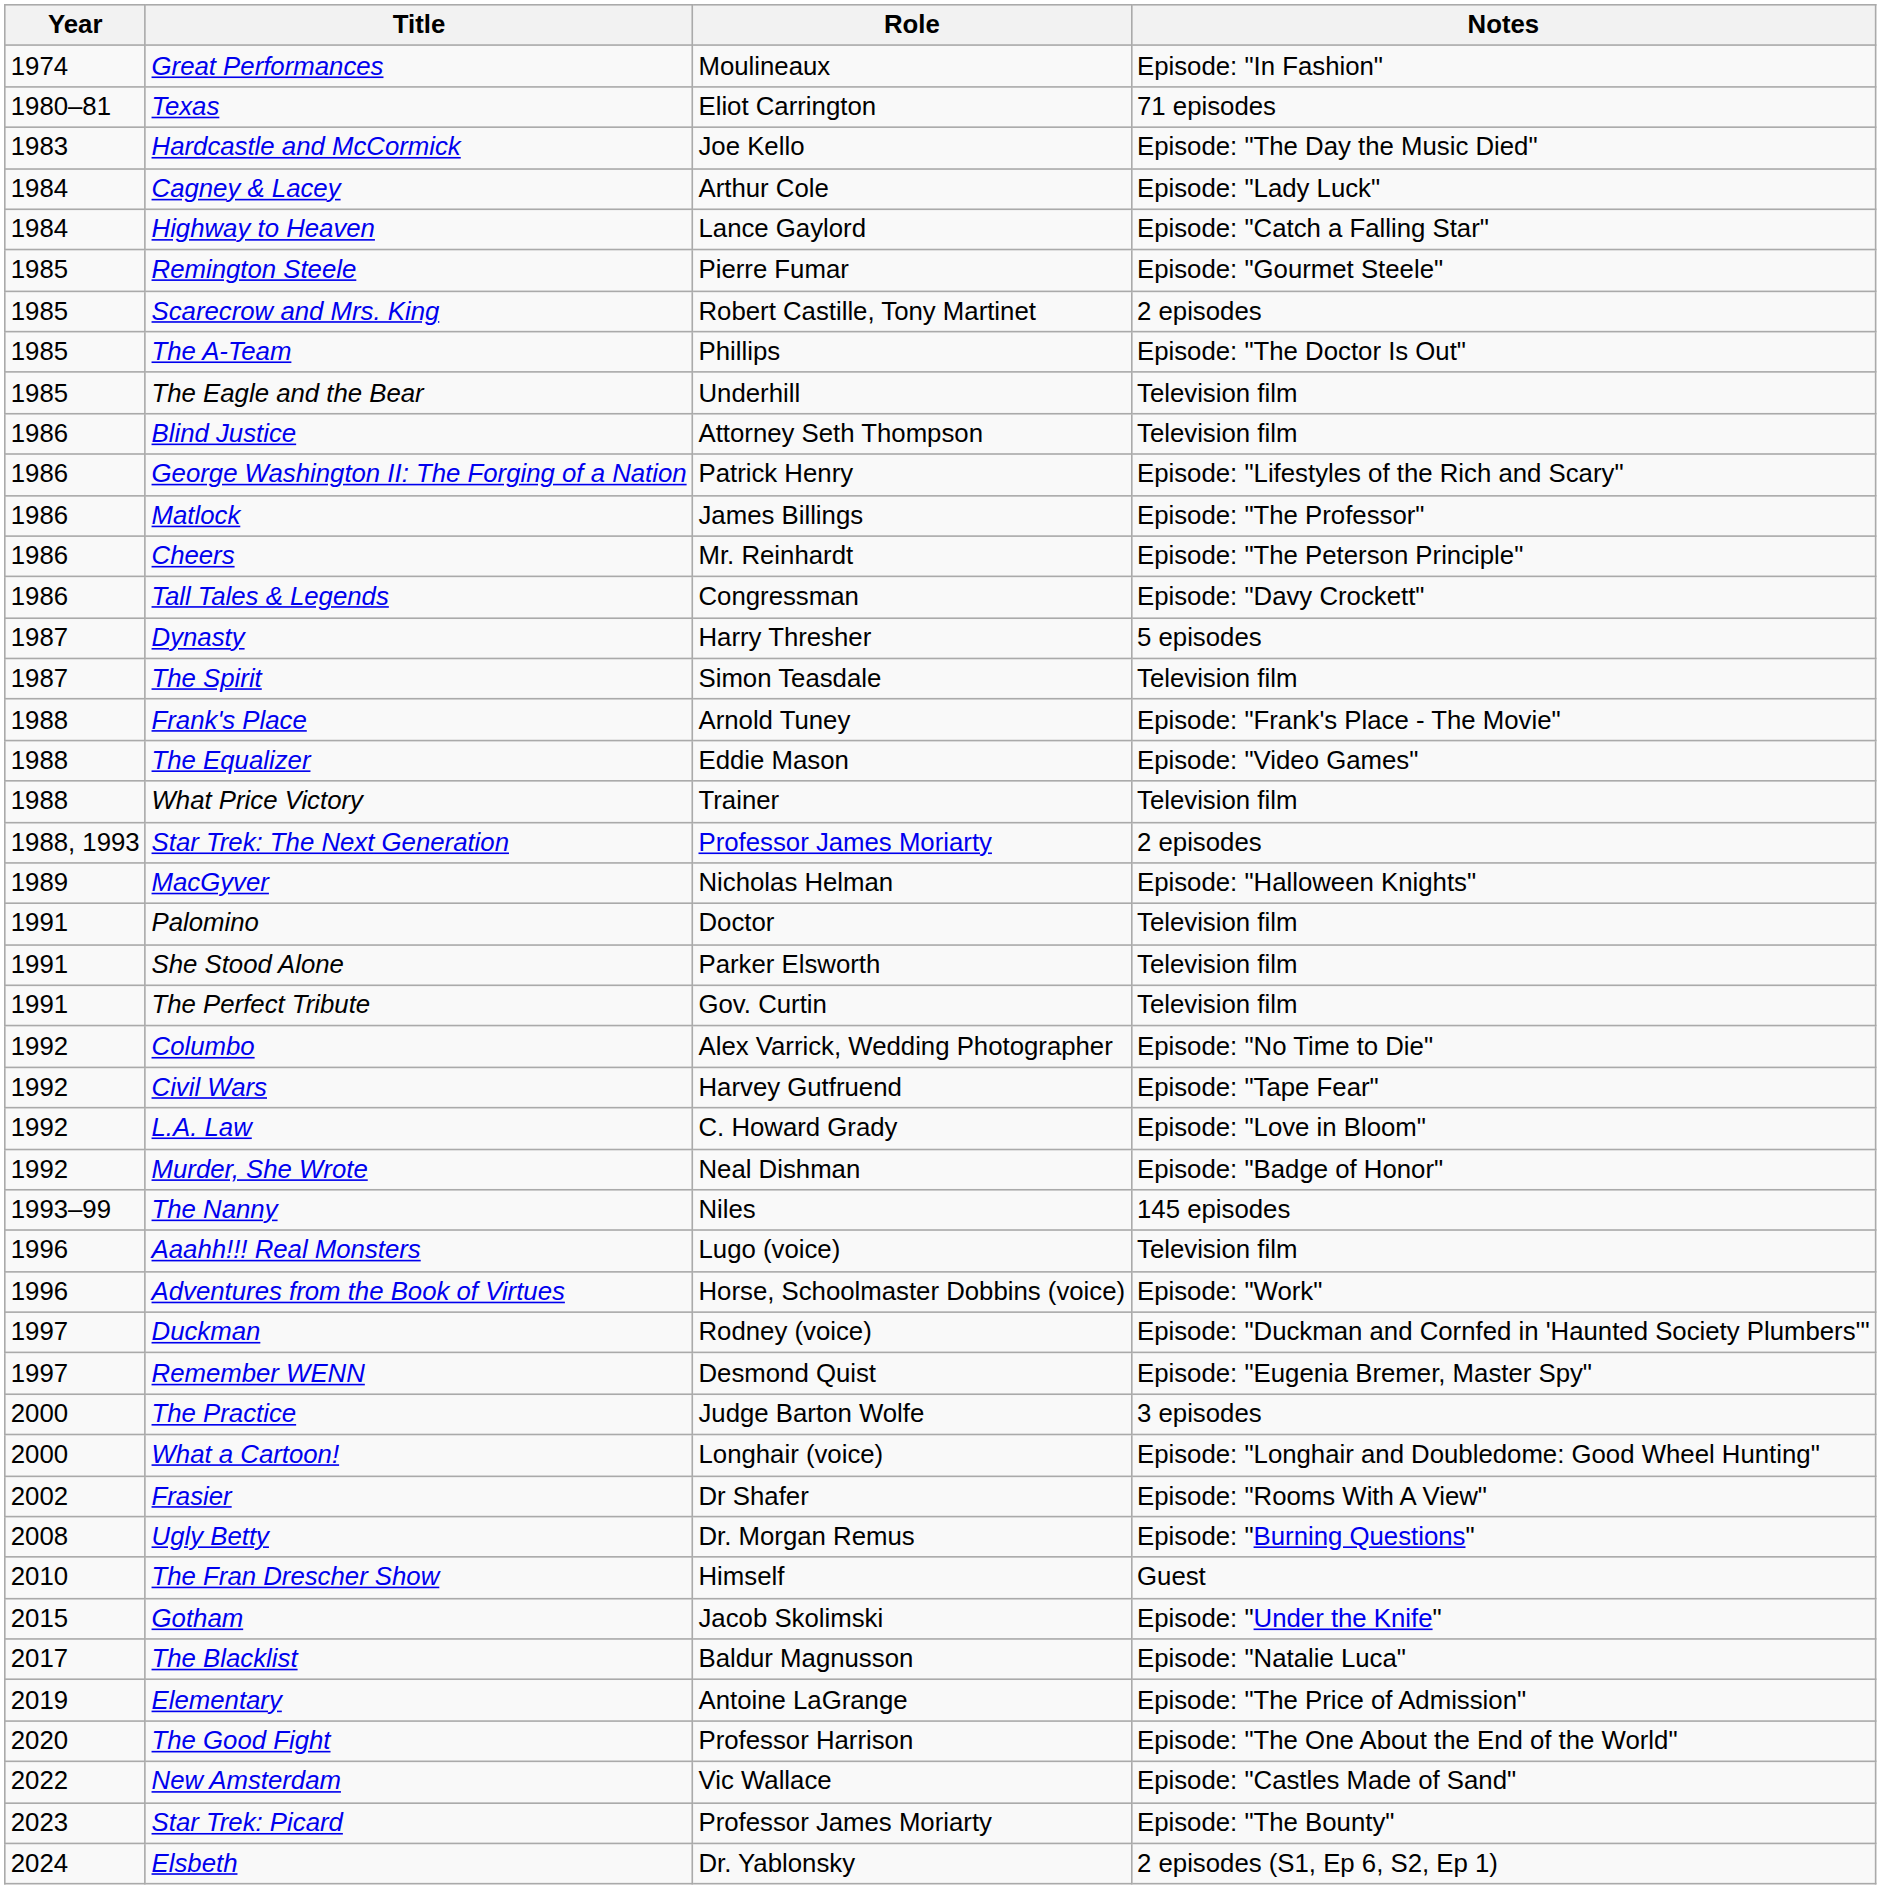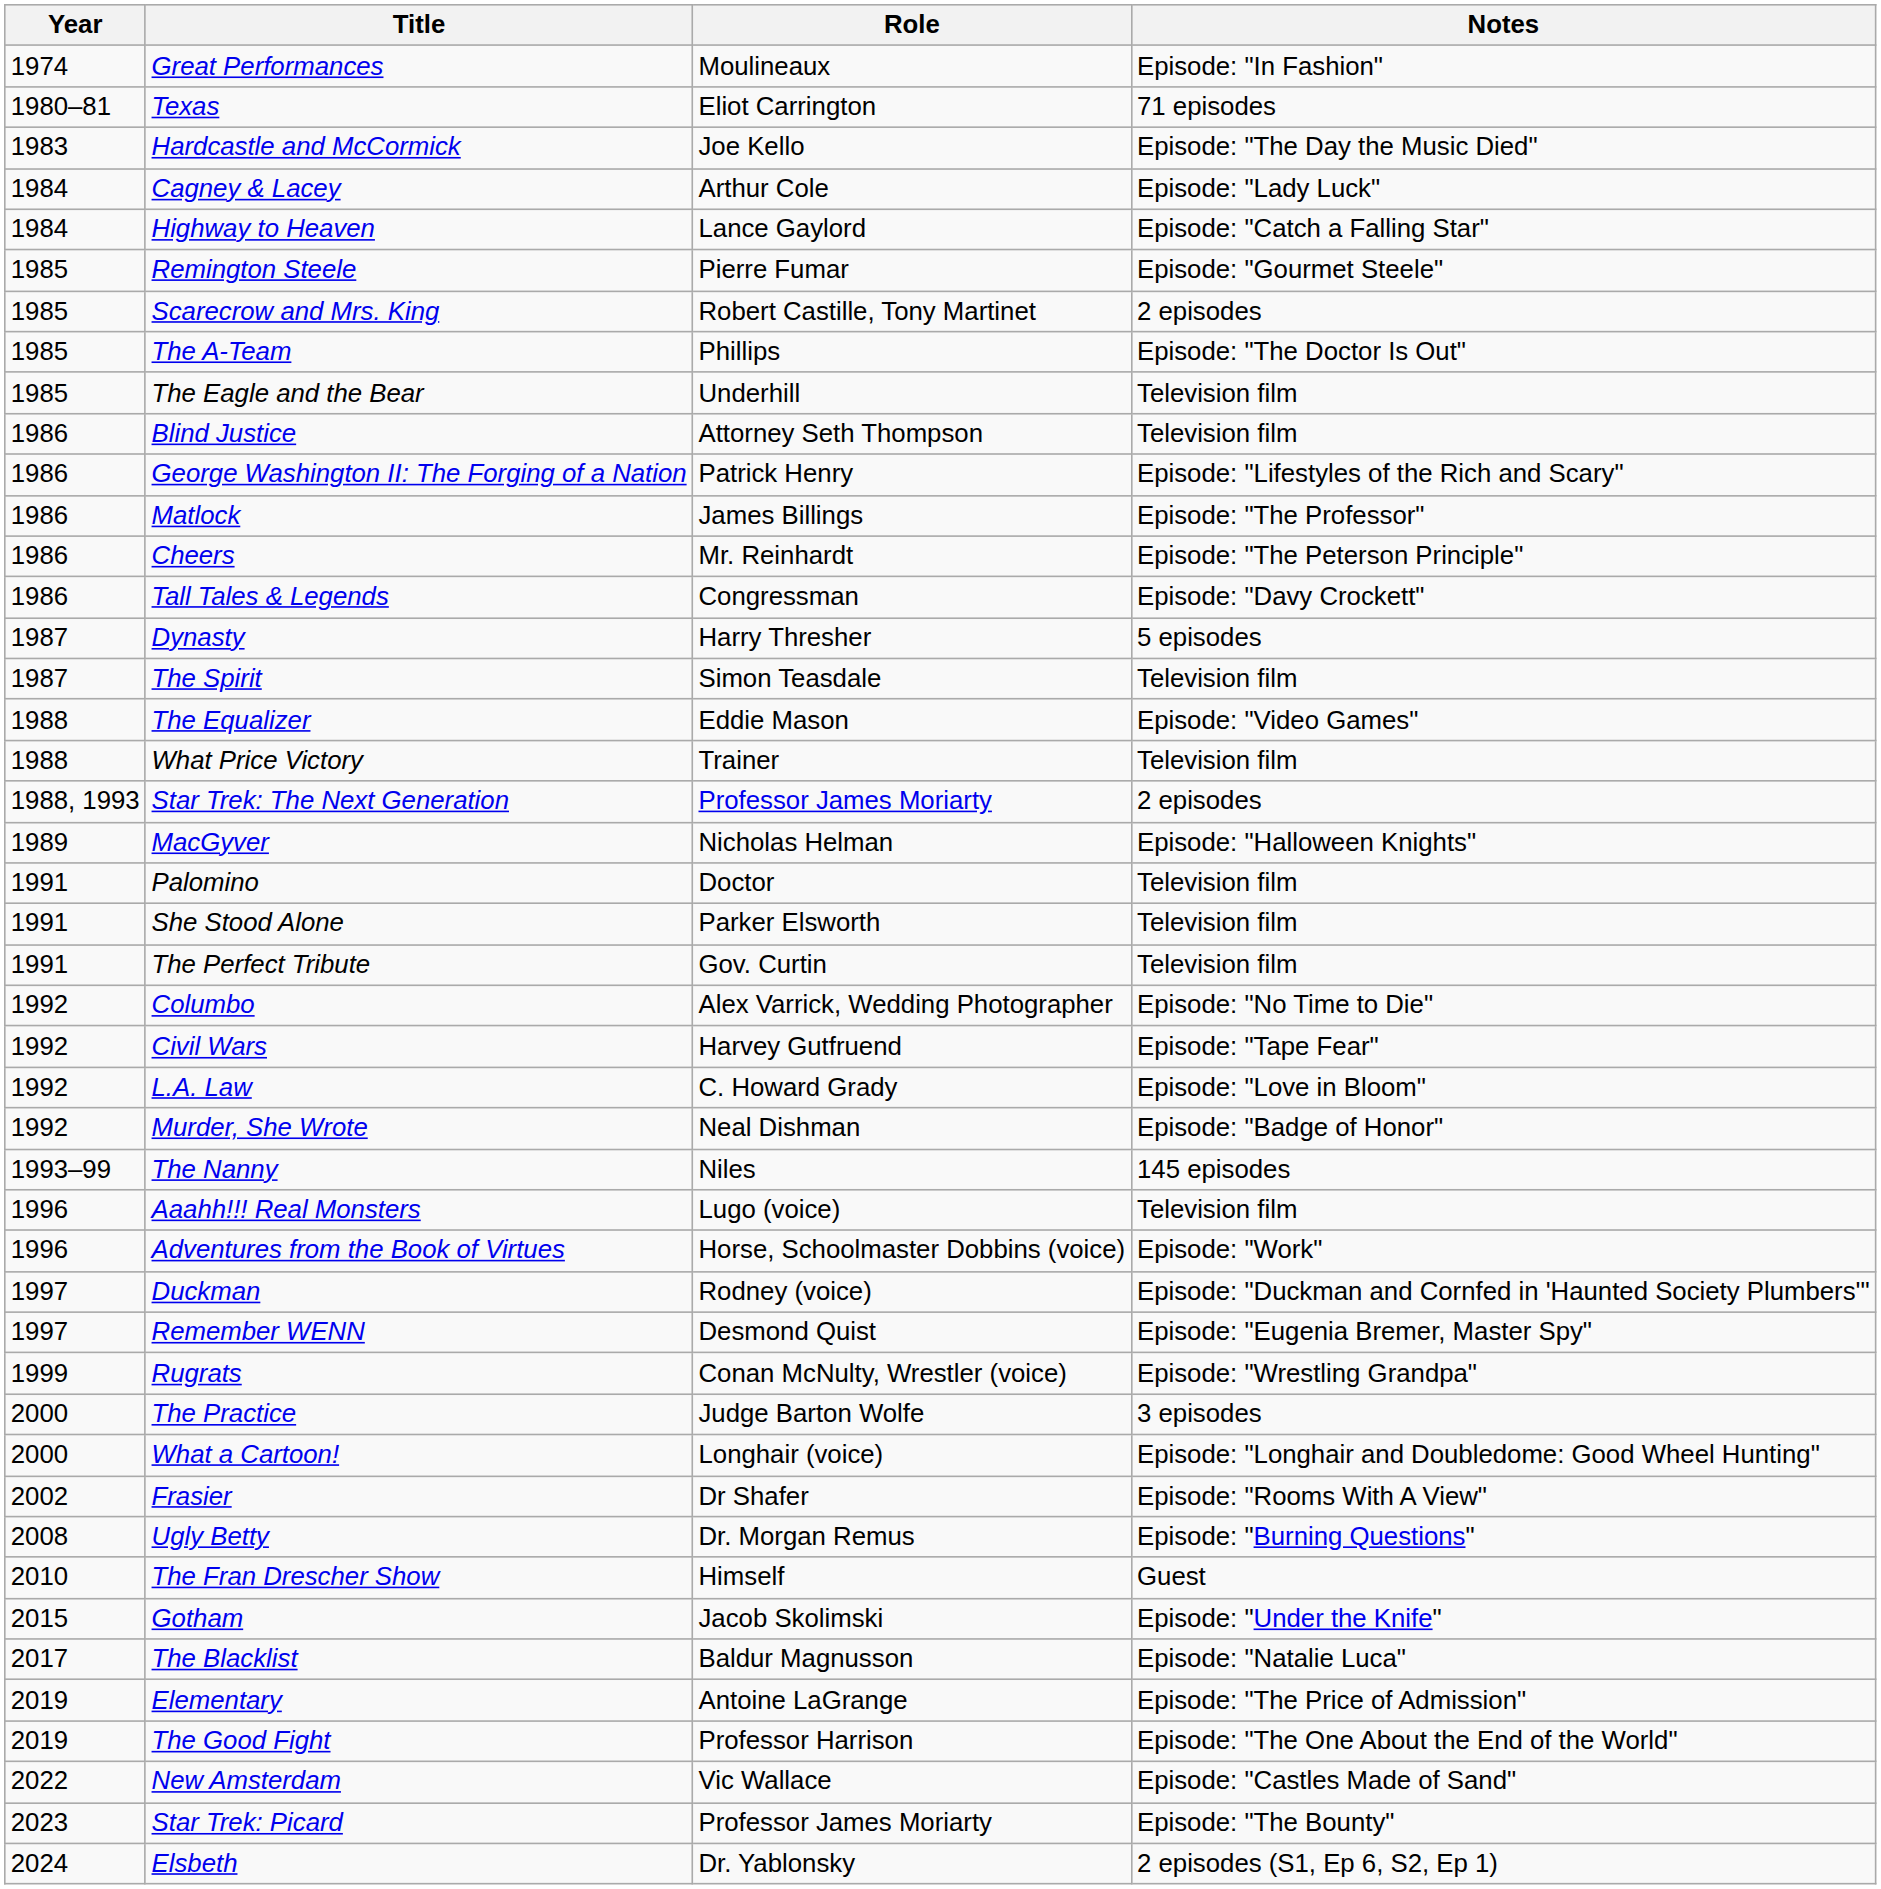 <table class="wikitable sortable">
 <tr>
 <th>Year</th>
 <th>Title</th>
 <th>Role</th>
 <th class="unsortable">Notes</th>
 </tr>
 <tr>
 <td>1974</td>
 <td><em><a href='#'>Great Performances</a></em></td>
 <td>Moulineaux</td>
 <td>Episode: "In Fashion"</td>
 </tr>
 <tr>
 <td>1980–81</td>
 <td><em><a href='#'>Texas</a></em></td>
 <td>Eliot Carrington</td>
 <td>71 episodes</td>
 </tr>
 <tr>
 <td>1983</td>
 <td><em><a href='#'>Hardcastle and McCormick</a></em></td>
 <td>Joe Kello</td>
 <td>Episode: "The Day the Music Died"</td>
 </tr>
 <tr>
 <td>1984</td>
 <td><em><a href='#'>Cagney & Lacey</a></em></td>
 <td>Arthur Cole</td>
 <td>Episode: "Lady Luck"</td>
 </tr>
 <tr>
 <td>1984</td>
 <td><em><a href='#'>Highway to Heaven</a></em></td>
 <td>Lance Gaylord</td>
 <td>Episode: "Catch a Falling Star"</td>
 </tr>
 <tr>
 <td>1985</td>
 <td><em><a href='#'>Remington Steele</a></em></td>
 <td>Pierre Fumar</td>
 <td>Episode: "Gourmet Steele"</td>
 </tr>
 <tr>
 <td>1985</td>
 <td><em><a href='#'>Scarecrow and Mrs. King</a></em></td>
 <td>Robert Castille, Tony Martinet</td>
 <td>2 episodes</td>
 </tr>
 <tr>
 <td>1985</td>
 <td><em><a href='#'>The A-Team</a></em></td>
 <td>Phillips</td>
 <td>Episode: "The Doctor Is Out"</td>
 </tr>
 <tr>
 <td>1985</td>
 <td><em>The Eagle and the Bear</em></td>
 <td>Underhill</td>
 <td>Television film</td>
 </tr>
 <tr>
 <td>1986</td>
 <td><em><a href='#'>Blind Justice</a></em></td>
 <td>Attorney Seth Thompson</td>
 <td>Television film</td>
 </tr>
 <tr>
 <td>1986</td>
 <td><em><a href='#'>George Washington II: The Forging of a Nation</a></em></td>
 <td>Patrick Henry</td>
 <td>Episode: "Lifestyles of the Rich and Scary"</td>
 </tr>
 <tr>
 <td>1986</td>
 <td><em><a href='#'>Matlock</a></em></td>
 <td>James Billings</td>
 <td>Episode: "The Professor"</td>
 </tr>
 <tr>
 <td>1986</td>
 <td><em><a href='#'>Cheers</a></em></td>
 <td>Mr. Reinhardt</td>
 <td>Episode: "The Peterson Principle"</td>
 </tr>
 <tr>
 <td>1986</td>
 <td><em><a href='#'>Tall Tales & Legends</a></em></td>
 <td>Congressman</td>
 <td>Episode: "Davy Crockett"</td>
 </tr>
 <tr>
 <td>1987</td>
 <td><em><a href='#'>Dynasty</a></em></td>
 <td>Harry Thresher</td>
 <td>5 episodes</td>
 </tr>
 <tr>
 <td>1987</td>
 <td><em><a href='#'>The Spirit</a></em></td>
 <td>Simon Teasdale</td>
 <td>Television film</td>
 </tr>
 <tr>
 <td>1988</td>
-<td><em><a href='#'>Frank's Place</a></em></td>
-<td>Arnold Tuney</td>
-<td>Episode: "Frank's Place - The Movie"</td>
-</tr>
-<tr>
-<td>1988</td>
 <td><em><a href='#'>The Equalizer</a></em></td>
 <td>Eddie Mason</td>
 <td>Episode: "Video Games"</td>
 </tr>
 <tr>
 <td>1988</td>
 <td><em>What Price Victory</em></td>
 <td>Trainer</td>
 <td>Television film</td>
 </tr>
 <tr>
 <td>1988, 1993</td>
 <td><em><a href='#'>Star Trek: The Next Generation</a></em></td>
 <td><a href='#'>Professor James Moriarty</a></td>
 <td>2 episodes</td>
 </tr>
 <tr>
 <td>1989</td>
 <td><em><a href='#'>MacGyver</a></em></td>
 <td>Nicholas Helman</td>
 <td>Episode: "Halloween Knights"</td>
 </tr>
 <tr>
 <td>1991</td>
 <td><em>Palomino</em></td>
 <td>Doctor</td>
 <td>Television film</td>
 </tr>
 <tr>
 <td>1991</td>
 <td><em>She Stood Alone</em></td>
 <td>Parker Elsworth</td>
 <td>Television film</td>
 </tr>
 <tr>
 <td>1991</td>
 <td><em>The Perfect Tribute</em></td>
 <td>Gov. Curtin</td>
 <td>Television film</td>
 </tr>
 <tr>
 <td>1992</td>
 <td><em><a href='#'>Columbo</a></em></td>
 <td>Alex Varrick, Wedding Photographer</td>
 <td>Episode: "No Time to Die"</td>
 </tr>
 <tr>
 <td>1992</td>
 <td><em><a href='#'>Civil Wars</a></em></td>
 <td>Harvey Gutfruend</td>
 <td>Episode: "Tape Fear"</td>
 </tr>
 <tr>
 <td>1992</td>
 <td><em><a href='#'>L.A. Law</a></em></td>
 <td>C. Howard Grady</td>
 <td>Episode: "Love in Bloom"</td>
 </tr>
 <tr>
 <td>1992</td>
 <td><em><a href='#'>Murder, She Wrote</a></em></td>
 <td>Neal Dishman</td>
 <td>Episode: "Badge of Honor"</td>
 </tr>
 <tr>
 <td>1993–99</td>
 <td><em><a href='#'>The Nanny</a></em></td>
 <td>Niles</td>
 <td>145 episodes</td>
 </tr>
 <tr>
 <td>1996</td>
 <td><em><a href='#'>Aaahh!!! Real Monsters</a></em></td>
 <td>Lugo (voice)</td>
 <td>Television film</td>
 </tr>
 <tr>
 <td>1996</td>
 <td><em><a href='#'>Adventures from the Book of Virtues</a></em></td>
 <td>Horse, Schoolmaster Dobbins (voice)</td>
 <td>Episode: "Work"</td>
 </tr>
 <tr>
 <td>1997</td>
 <td><em><a href='#'>Duckman</a></em></td>
 <td>Rodney (voice)</td>
 <td>Episode: "Duckman and Cornfed in 'Haunted Society Plumbers'"</td>
 </tr>
 <tr>
 <td>1997</td>
 <td><em><a href='#'>Remember WENN</a></em></td>
 <td>Desmond Quist</td>
 <td>Episode: "Eugenia Bremer, Master Spy"</td>
 </tr>
 <tr>
+<td>1999</td>
+<td><em><a href='#'>Rugrats</a></em></td>
+<td>Conan McNulty, Wrestler (voice)</td>
+<td>Episode: "Wrestling Grandpa"</td>
+</tr>
+<tr>
 <td>2000</td>
 <td><em><a href='#'>The Practice</a></em></td>
 <td>Judge Barton Wolfe</td>
 <td>3 episodes</td>
 </tr>
 <tr>
 <td>2000</td>
 <td><em><a href='#'>What a Cartoon!</a></em></td>
 <td>Longhair (voice)</td>
 <td>Episode: "Longhair and Doubledome: Good Wheel Hunting"</td>
 </tr>
 <tr>
 <td>2002</td>
 <td><em><a href='#'>Frasier</a></em></td>
 <td>Dr Shafer</td>
 <td>Episode: "Rooms With A View"</td>
 </tr>
 <tr>
 <td>2008</td>
 <td><em><a href='#'>Ugly Betty</a></em></td>
 <td>Dr. Morgan Remus</td>
 <td>Episode: "<a href='#'>Burning Questions</a>"</td>
 </tr>
 <tr>
 <td>2010</td>
 <td><em><a href='#'>The Fran Drescher Show</a></em></td>
 <td>Himself</td>
 <td>Guest</td>
 </tr>
 <tr>
 <td>2015</td>
 <td><em><a href='#'>Gotham</a></em></td>
 <td>Jacob Skolimski</td>
 <td>Episode: "<a href='#'>Under the Knife</a>"</td>
 </tr>
 <tr>
 <td>2017</td>
 <td><em><a href='#'>The Blacklist</a></em></td>
 <td>Baldur Magnusson</td>
 <td>Episode: "Natalie Luca"</td>
 </tr>
 <tr>
 <td>2019</td>
 <td><em><a href='#'>Elementary</a></em></td>
 <td>Antoine LaGrange</td>
 <td>Episode: "The Price of Admission"</td>
 </tr>
 <tr>
-<td>2020</td>
+<td>2019</td>
 <td><em><a href='#'>The Good Fight</a></em></td>
 <td>Professor Harrison</td>
 <td>Episode: "The One About the End of the World"</td>
 </tr>
 <tr>
 <td>2022</td>
 <td><em><a href='#'>New Amsterdam</a></em></td>
 <td>Vic Wallace</td>
 <td>Episode: "Castles Made of Sand"</td>
 </tr>
 <tr>
 <td>2023</td>
 <td><em><a href='#'>Star Trek: Picard</a></em></td>
 <td>Professor James Moriarty</td>
 <td>Episode: "The Bounty"</td>
 </tr>
 <tr>
 <td>2024</td>
 <td><em><a href='#'>Elsbeth</a></em></td>
 <td>Dr. Yablonsky</td>
 <td>2 episodes (S1, Ep 6, S2, Ep 1)</td>
 </tr>
 </table>
